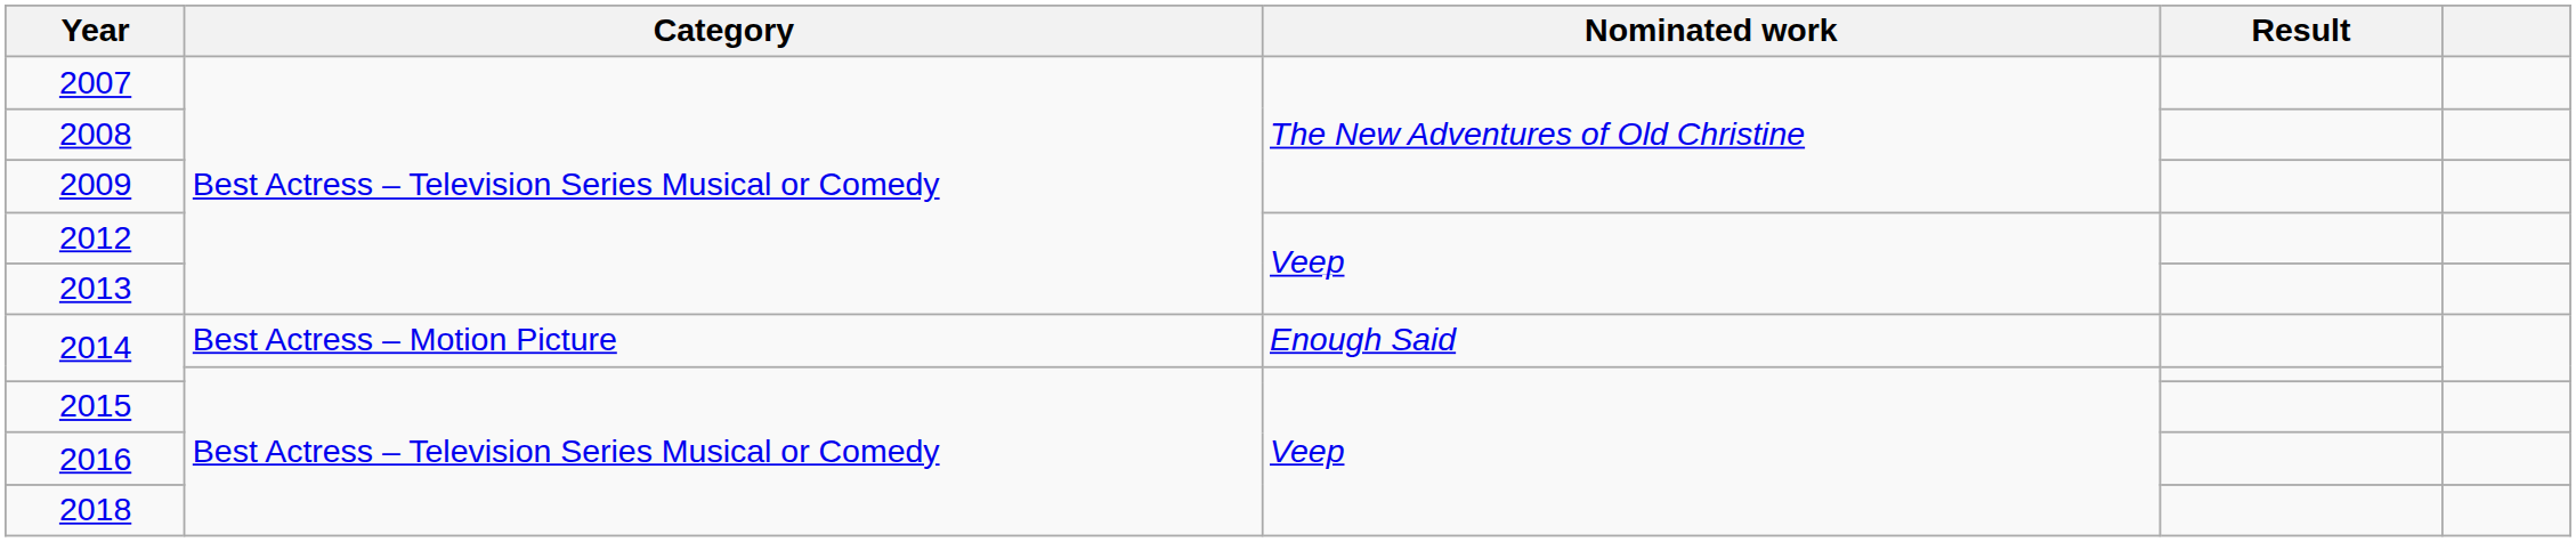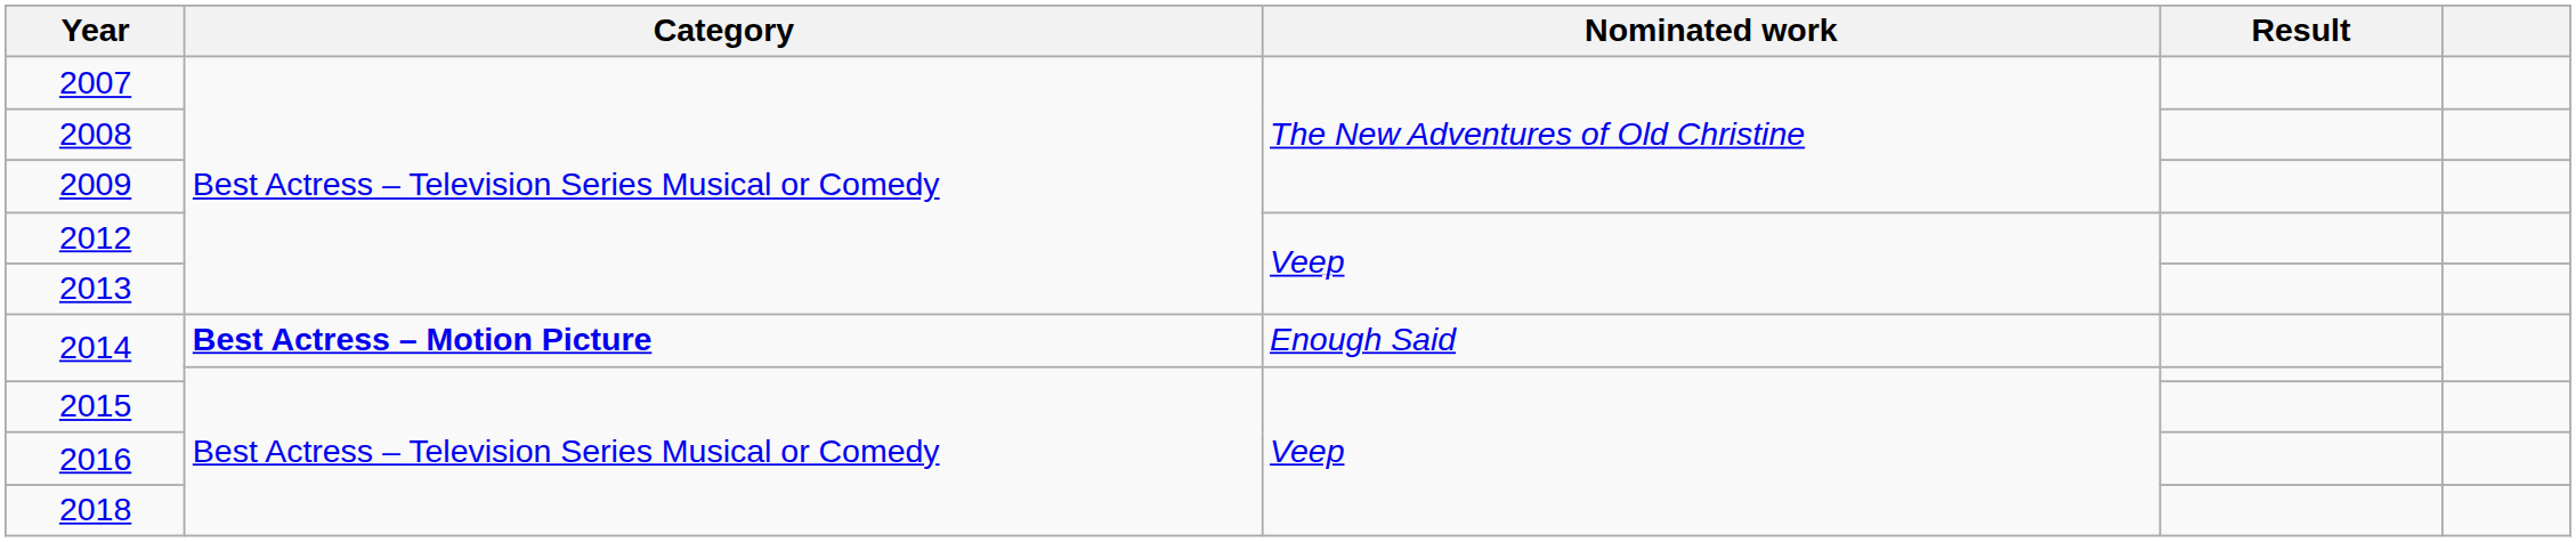 <table width="100%" class="wikitable">
 <tr>
 <th width="7%">Year</th>
 <th width="42%">Category</th>
 <th width="35%">Nominated work</th>
 <th width="11%">Result</th>
 <th width="5%"></th>
 </tr>
 <tr>
 <td align="center"><a href='#'>2007</a></td>
 <td rowspan="5"><a href='#'>Best Actress – Television Series Musical or Comedy</a></td>
 <td rowspan="3"><em><a href='#'>The New Adventures of Old Christine</a></em></td>
 <td></td>
 <td align="center"></td>
 </tr>
 <tr>
 <td align="center"><a href='#'>2008</a></td>
 <td></td>
 <td align="center"></td>
 </tr>
 <tr>
 <td align="center"><a href='#'>2009</a></td>
 <td></td>
 <td align="center"></td>
 </tr>
 <tr>
 <td align="center"><a href='#'>2012</a></td>
 <td rowspan="2"><em><a href='#'>Veep</a></em></td>
 <td></td>
 <td align="center"></td>
 </tr>
 <tr>
 <td align="center"><a href='#'>2013</a></td>
 <td></td>
 <td align="center"></td>
 </tr>
 <tr>
 <td rowspan="2" align="center"><a href='#'>2014</a></td>
-<td><a href='#'>Best Actress – Motion Picture</a></td>
+<td><strong><a href='#'>Best Actress – Motion Picture</a></strong></td>
 <td><em><a href='#'>Enough Said</a></em></td>
 <td></td>
 <td rowspan="2" align="center"></td>
 </tr>
 <tr>
 <td rowspan="4"><a href='#'>Best Actress – Television Series Musical or Comedy</a></td>
 <td rowspan="4"><em><a href='#'>Veep</a></em></td>
 <td></td>
 </tr>
 <tr>
 <td align="center"><a href='#'>2015</a></td>
 <td></td>
 <td align="center"></td>
 </tr>
 <tr>
 <td align="center"><a href='#'>2016</a></td>
 <td></td>
 <td align="center"></td>
 </tr>
 <tr>
 <td align="center"><a href='#'>2018</a></td>
 <td></td>
 <td align="center"></td>
 </tr>
 </table>
